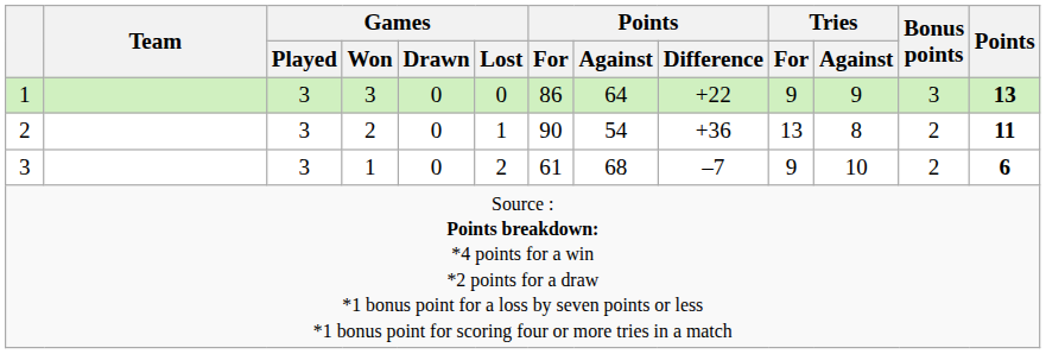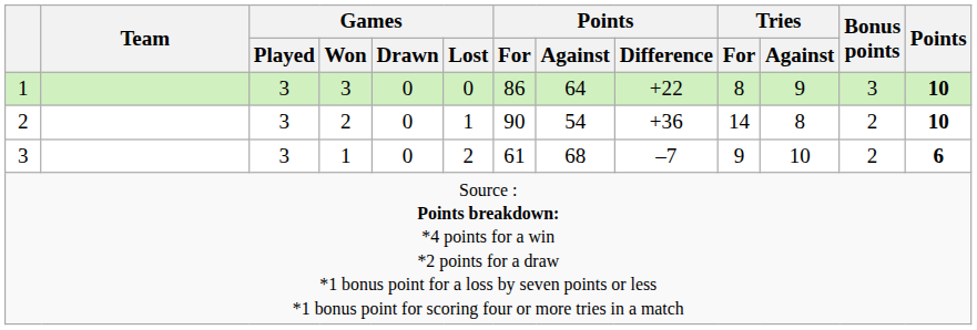 <table class="wikitable" style="text-align: center;">
 <tr>
 <th rowspan="2" bgcolor="#efefef" width="20"></th>
 <th rowspan="2" bgcolor="#efefef" width="150">Team</th>
 <th colspan="4" bgcolor="#efefef" width="100">Games</th>
 <th colspan="3" bgcolor="#efefef" width="60">Points</th>
 <th colspan="2" bgcolor="#efefef" width="40">Tries</th>
 <th rowspan="2" bgcolor="#efefef" width="40">Bonus points</th>
 <th rowspan="2" bgcolor="#efefef" width="20">Points</th>
 </tr>
 <tr>
 <th bgcolor="#efefef" width="20">Played</th>
 <th bgcolor="#efefef" width="20">Won</th>
 <th bgcolor="#efefef" width="20">Drawn</th>
 <th bgcolor="#efefef" width="20">Lost</th>
 <th bgcolor="#efefef" width="20">For</th>
 <th bgcolor="#efefef" width="20">Against</th>
 <th bgcolor="#efefef" width="20">Difference</th>
 <th bgcolor="#efefef" width="20">For</th>
 <th bgcolor="#efefef" width="20">Against<br></th>
 </tr>
 <tr style="background:#D0F0C0; text-align:center;">
 <td>1</td>
 <td align=left></td>
 <td>3</td>
 <td>3</td>
 <td>0</td>
 <td>0</td>
 <td>86</td>
 <td>64</td>
 <td>+22</td>
-<td>9</td>
+<td>8</td>
 <td>9</td>
 <td>3</td>
-<td><strong>13</strong></td>
+<td><strong>10</strong></td>
 </tr>
 <tr style="background:#fff; text-align:center;">
 <td>2</td>
 <td align=left></td>
 <td>3</td>
 <td>2</td>
 <td>0</td>
 <td>1</td>
 <td>90</td>
 <td>54</td>
 <td>+36</td>
-<td>13</td>
+<td>14</td>
 <td>8</td>
 <td>2</td>
-<td><strong>11</strong></td>
+<td><strong>10</strong></td>
 </tr>
 <tr style="background:#fff; text-align:center;">
 <td>3</td>
 <td align=left></td>
 <td>3</td>
 <td>1</td>
 <td>0</td>
 <td>2</td>
 <td>61</td>
 <td>68</td>
 <td>–7</td>
 <td>9</td>
 <td>10</td>
 <td>2</td>
 <td><strong>6</strong></td>
 </tr>
 <tr |align=left|>
 <td colspan="14" style="border:0;"><small>Source : <br><strong>Points breakdown:</strong><br>*4 points for a win<br>*2 points for a draw<br>*1 bonus point for a loss by seven points or less<br>*1 bonus point for scoring four or more tries in a match</small></td>
 </tr>
 </table>
